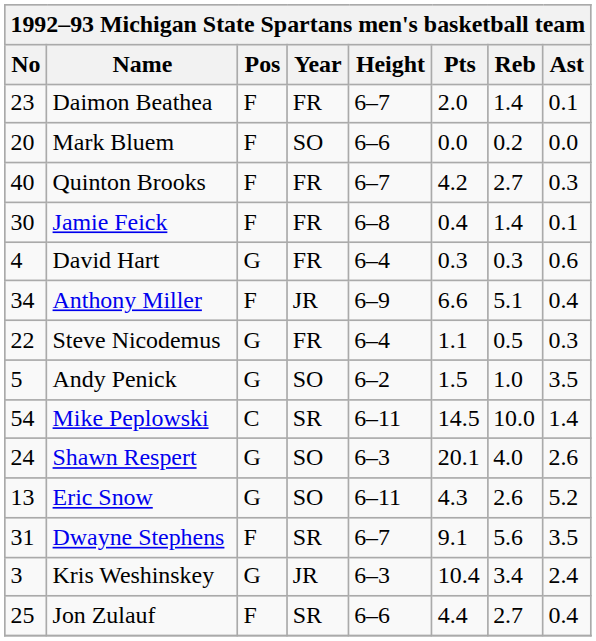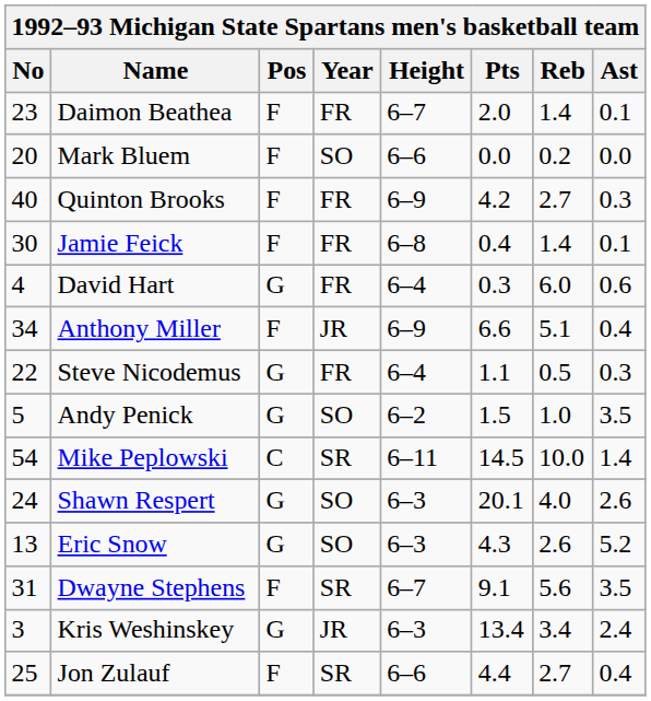 <table class="wikitable sortable" style="font-size: 90%" |->
 <tr>
 <th colspan=9 style=>1992–93 Michigan State Spartans men's basketball team</th>
 </tr>
 <tr>
 <th style="background:#">No</th>
 <th style="background:#">Name</th>
 <th style="background:#">Pos</th>
 <th style="background:#">Year</th>
 <th style="background:#">Height</th>
 <th style="background:#">Pts</th>
 <th style="background:#">Reb</th>
 <th style="background:#">Ast</th>
 </tr>
 <tr>
 <td>23</td>
 <td>Daimon Beathea</td>
 <td>F</td>
 <td>FR</td>
 <td>6–7</td>
 <td>2.0</td>
 <td>1.4</td>
 <td>0.1</td>
 </tr>
 <tr>
 <td>20</td>
 <td>Mark Bluem</td>
 <td>F</td>
 <td>SO</td>
 <td>6–6</td>
 <td>0.0</td>
 <td>0.2</td>
 <td>0.0</td>
 </tr>
 <tr>
 <td>40</td>
 <td>Quinton Brooks</td>
 <td>F</td>
 <td>FR</td>
-<td>6–7</td>
+<td>6–9</td>
 <td>4.2</td>
 <td>2.7</td>
 <td>0.3</td>
 </tr>
 <tr>
 <td>30</td>
 <td><a href='#'>Jamie Feick</a></td>
 <td>F</td>
 <td>FR</td>
 <td>6–8</td>
 <td>0.4</td>
 <td>1.4</td>
 <td>0.1</td>
 </tr>
 <tr>
 <td>4</td>
 <td>David Hart</td>
 <td>G</td>
 <td>FR</td>
 <td>6–4</td>
 <td>0.3</td>
-<td>0.3</td>
+<td>6.0</td>
 <td>0.6</td>
 </tr>
 <tr>
 <td>34</td>
 <td><a href='#'>Anthony Miller</a></td>
 <td>F</td>
 <td>JR</td>
 <td>6–9</td>
 <td>6.6</td>
 <td>5.1</td>
 <td>0.4</td>
 </tr>
 <tr>
 <td>22</td>
 <td>Steve Nicodemus</td>
 <td>G</td>
 <td>FR</td>
 <td>6–4</td>
 <td>1.1</td>
 <td>0.5</td>
 <td>0.3</td>
 </tr>
 <tr>
 <td>5</td>
 <td>Andy Penick</td>
 <td>G</td>
 <td>SO</td>
 <td>6–2</td>
 <td>1.5</td>
 <td>1.0</td>
 <td>3.5</td>
 </tr>
 <tr>
 <td>54</td>
 <td><a href='#'>Mike Peplowski</a></td>
 <td>C</td>
 <td>SR</td>
 <td>6–11</td>
 <td>14.5</td>
 <td>10.0</td>
 <td>1.4</td>
 </tr>
 <tr>
 <td>24</td>
 <td><a href='#'>Shawn Respert</a></td>
 <td>G</td>
 <td>SO</td>
 <td>6–3</td>
 <td>20.1</td>
 <td>4.0</td>
 <td>2.6</td>
 </tr>
 <tr>
 <td>13</td>
 <td><a href='#'>Eric Snow</a></td>
 <td>G</td>
 <td>SO</td>
-<td>6–11</td>
+<td>6–3</td>
 <td>4.3</td>
 <td>2.6</td>
 <td>5.2</td>
 </tr>
 <tr>
 <td>31</td>
 <td><a href='#'>Dwayne Stephens</a></td>
 <td>F</td>
 <td>SR</td>
 <td>6–7</td>
 <td>9.1</td>
 <td>5.6</td>
 <td>3.5</td>
 </tr>
 <tr>
 <td>3</td>
 <td>Kris Weshinskey</td>
 <td>G</td>
 <td>JR</td>
 <td>6–3</td>
-<td>10.4</td>
+<td>13.4</td>
 <td>3.4</td>
 <td>2.4</td>
 </tr>
 <tr>
 <td>25</td>
 <td>Jon Zulauf</td>
 <td>F</td>
 <td>SR</td>
 <td>6–6</td>
 <td>4.4</td>
 <td>2.7</td>
 <td>0.4</td>
 </tr>
 <tr>
 </tr>
 </table>
